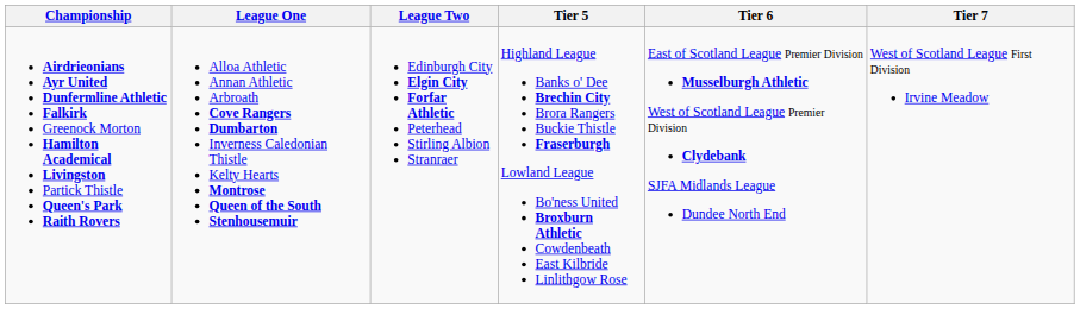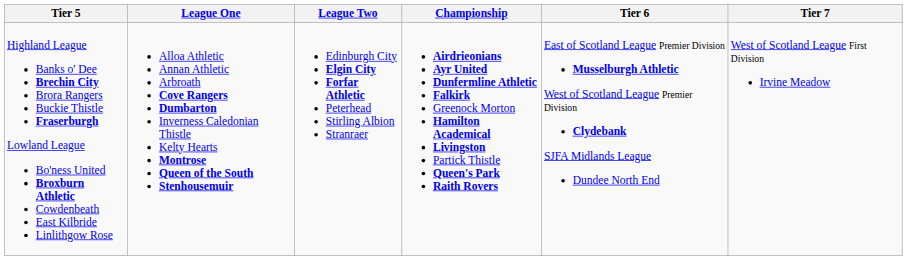 <table class="wikitable" style="text-align:left">
 <tr>
-<th><a href='#'>Championship</a></th>
+<th>Tier 5</th>
 <th><a href='#'>League One</a></th>
 <th><a href='#'>League Two</a></th>
-<th>Tier 5</th>
+<th><a href='#'>Championship</a></th>
 <th>Tier 6</th>
 <th>Tier 7</th>
 </tr>
 <tr>
-<td valign=top><br><ul><li><strong><a href='#'>Airdrieonians</a></strong></li><li><strong><a href='#'>Ayr United</a></strong></li><li><strong><a href='#'>Dunfermline Athletic</a></strong></li><li><strong><a href='#'>Falkirk</a></strong></li><li><a href='#'>Greenock Morton</a></li><li><strong><a href='#'>Hamilton Academical</a></strong></li><li><strong><a href='#'>Livingston</a></strong></li><li><a href='#'>Partick Thistle</a></li><li><strong><a href='#'>Queen's Park</a></strong></li><li><strong><a href='#'>Raith Rovers</a></strong></li></ul></td>
+<td valign=top><br><a href='#'>Highland League</a><ul><li><a href='#'>Banks o' Dee</a></li><li><strong><a href='#'>Brechin City</a></strong></li><li><a href='#'>Brora Rangers</a></li><li><a href='#'>Buckie Thistle</a></li><li><strong><a href='#'>Fraserburgh</a></strong></li></ul><a href='#'>Lowland League</a><ul><li><a href='#'>Bo'ness United</a></li><li><strong><a href='#'>Broxburn Athletic</a></strong></li><li><a href='#'>Cowdenbeath</a></li><li><a href='#'>East Kilbride</a></li><li><a href='#'>Linlithgow Rose</a></li></ul></td>
 <td valign=top><br><ul><li><a href='#'>Alloa Athletic</a></li><li><a href='#'>Annan Athletic</a></li><li><a href='#'>Arbroath</a></li><li><strong><a href='#'>Cove Rangers</a></strong></li><li><strong><a href='#'>Dumbarton</a></strong></li><li><a href='#'>Inverness Caledonian Thistle</a></li><li><a href='#'>Kelty Hearts</a></li><li><strong><a href='#'>Montrose</a></strong></li><li><strong><a href='#'>Queen of the South</a></strong></li><li><strong><a href='#'>Stenhousemuir</a></strong></li></ul></td>
 <td valign=top><br><ul><li><a href='#'>Edinburgh City</a></li><li><strong><a href='#'>Elgin City</a></strong></li><li><strong><a href='#'>Forfar Athletic</a></strong></li><li><a href='#'>Peterhead</a></li><li><a href='#'>Stirling Albion</a></li><li><a href='#'>Stranraer</a></li></ul></td>
-<td valign=top><br><a href='#'>Highland League</a><ul><li><a href='#'>Banks o' Dee</a></li><li><strong><a href='#'>Brechin City</a></strong></li><li><a href='#'>Brora Rangers</a></li><li><a href='#'>Buckie Thistle</a></li><li><strong><a href='#'>Fraserburgh</a></strong></li></ul><a href='#'>Lowland League</a><ul><li><a href='#'>Bo'ness United</a></li><li><strong><a href='#'>Broxburn Athletic</a></strong></li><li><a href='#'>Cowdenbeath</a></li><li><a href='#'>East Kilbride</a></li><li><a href='#'>Linlithgow Rose</a></li></ul></td>
+<td valign=top><br><ul><li><strong><a href='#'>Airdrieonians</a></strong></li><li><strong><a href='#'>Ayr United</a></strong></li><li><strong><a href='#'>Dunfermline Athletic</a></strong></li><li><strong><a href='#'>Falkirk</a></strong></li><li><a href='#'>Greenock Morton</a></li><li><strong><a href='#'>Hamilton Academical</a></strong></li><li><strong><a href='#'>Livingston</a></strong></li><li><a href='#'>Partick Thistle</a></li><li><strong><a href='#'>Queen's Park</a></strong></li><li><strong><a href='#'>Raith Rovers</a></strong></li></ul></td>
 <td valign=top><br><a href='#'>East of Scotland League</a> <small>Premier Division</small><ul><li><strong><a href='#'>Musselburgh Athletic</a></strong></li></ul><a href='#'>West of Scotland League</a> <small>Premier Division</small><ul><li><strong><a href='#'>Clydebank</a></strong></li></ul><a href='#'>SJFA Midlands League</a><ul><li><a href='#'>Dundee North End</a></li></ul></td>
 <td valign=top><br><a href='#'>West of Scotland League</a> <small>First Division</small><ul><li><a href='#'>Irvine Meadow</a></li></ul></td>
 </tr>
 </table>
